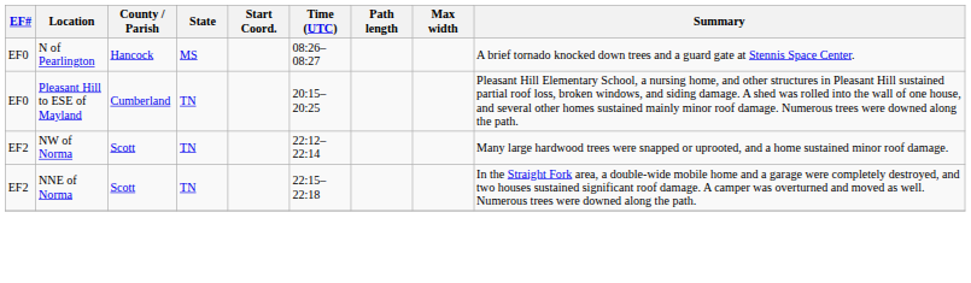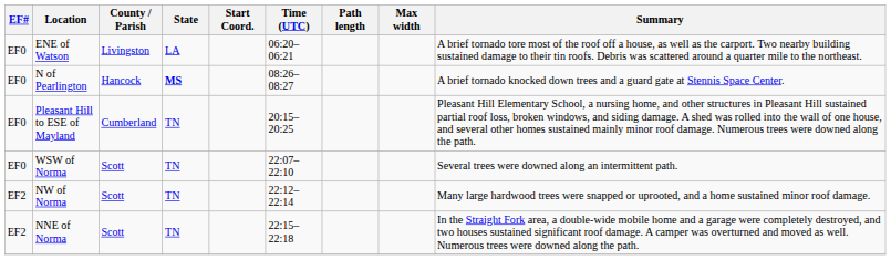 <table class="wikitable sortable" style="width:100%;">
 <tr>
 <th scope="col"  style="width:3%; text-align:center;"><a href='#'>EF#</a></th>
 <th scope="col"  style="width:7%; text-align:center;" class="unsortable">Location</th>
 <th scope="col"  style="width:6%; text-align:center;" class="unsortable">County / Parish</th>
 <th scope="col"  style="width:5%; text-align:center;">State</th>
 <th scope="col"  style="width:6%; text-align:center;">Start Coord.</th>
 <th scope="col"  style="width:6%; text-align:center;">Time (<a href='#'>UTC</a>)</th>
 <th scope="col"  style="width:6%; text-align:center;">Path length</th>
 <th scope="col"  style="width:6%; text-align:center;">Max width</th>
 <th scope="col" class="unsortable" style="width:48%; text-align:center;">Summary</th>
 </tr>
 <tr>
 <td>EF0</td>
+<td>ENE of <a href='#'>Watson</a></td>
+<td><a href='#'>Livingston</a></td>
+<td><a href='#'>LA</a></td>
+<td></td>
+<td>06:20–06:21</td>
+<td></td>
+<td></td>
+<td>A brief tornado tore most of the roof off a house, as well as the carport. Two nearby building sustained damage to their tin roofs. Debris was scattered around a quarter mile to the northeast.</td>
+</tr>
+<tr>
+<td>EF0</td>
 <td>N of <a href='#'>Pearlington</a></td>
 <td><a href='#'>Hancock</a></td>
-<td><a href='#'>MS</a></td>
+<td><strong><a href='#'>MS</a></strong></td>
 <td></td>
 <td>08:26–08:27</td>
 <td></td>
 <td></td>
 <td>A brief tornado knocked down trees and a guard gate at <a href='#'>Stennis Space Center</a>.</td>
 </tr>
 <tr>
 <td>EF0</td>
 <td><a href='#'>Pleasant Hill</a> to ESE of <a href='#'>Mayland</a></td>
 <td><a href='#'>Cumberland</a></td>
 <td><a href='#'>TN</a></td>
 <td></td>
 <td>20:15–20:25</td>
 <td></td>
 <td></td>
 <td>Pleasant Hill Elementary School, a nursing home, and other structures in Pleasant Hill sustained partial roof loss, broken windows, and siding damage. A shed was rolled into the wall of one house, and several other homes sustained mainly minor roof damage. Numerous trees were downed along the path.</td>
+</tr>
+<tr>
+<td>EF0</td>
+<td>WSW of <a href='#'>Norma</a></td>
+<td><a href='#'>Scott</a></td>
+<td><a href='#'>TN</a></td>
+<td></td>
+<td>22:07–22:10</td>
+<td></td>
+<td></td>
+<td>Several trees were downed along an intermittent path.</td>
 </tr>
 <tr>
 <td>EF2</td>
 <td>NW of <a href='#'>Norma</a></td>
 <td><a href='#'>Scott</a></td>
 <td><a href='#'>TN</a></td>
 <td></td>
 <td>22:12–22:14</td>
 <td></td>
 <td></td>
 <td>Many large hardwood trees were snapped or uprooted, and a home sustained minor roof damage.</td>
 </tr>
 <tr>
 <td>EF2</td>
 <td>NNE of <a href='#'>Norma</a></td>
 <td><a href='#'>Scott</a></td>
 <td><a href='#'>TN</a></td>
 <td></td>
 <td>22:15–22:18</td>
 <td></td>
 <td></td>
 <td>In the <a href='#'>Straight Fork</a> area, a double-wide mobile home and a garage were completely destroyed, and two houses sustained significant roof damage. A  camper was overturned and moved  as well. Numerous trees were downed along the path.</td>
 </tr>
 <tr>
 </tr>
 </table>
